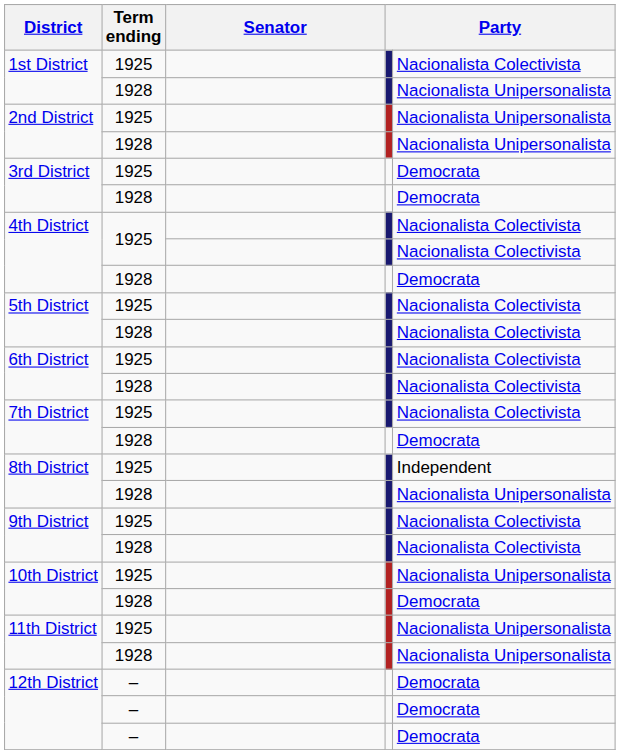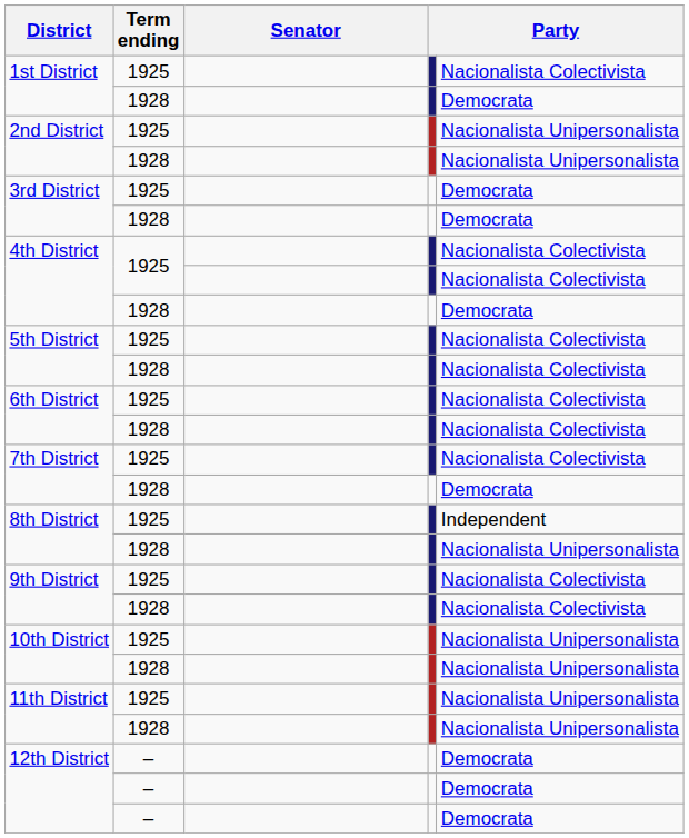 <table class="wikitable sortable">
 <tr>
 <th><a href='#'>District</a></th>
 <th width="50px">Term ending</th>
 <th width="200px"><a href='#'>Senator</a></th>
 <th colspan="2"><a href='#'>Party</a></th>
 </tr>
 <tr>
 <td rowspan="2" valign="top"><a href='#'>1st District</a></td>
 <td align="center">1925</td>
 <td></td>
 <td bgcolor="#191970"></td>
 <td><a href='#'>Nacionalista Colectivista</a></td>
 </tr>
 <tr>
 <td align="center">1928</td>
 <td></td>
 <td bgcolor="#191970"></td>
-<td><a href='#'>Nacionalista Unipersonalista</a></td>
+<td><a href='#'>Democrata</a></td>
 </tr>
 <tr>
 <td rowspan="2" valign="top"><a href='#'>2nd District</a></td>
 <td align="center">1925</td>
 <td></td>
 <td bgcolor="#B22222"></td>
 <td><a href='#'>Nacionalista Unipersonalista</a></td>
 </tr>
 <tr>
 <td align="center">1928</td>
 <td></td>
 <td bgcolor="#B22222"></td>
 <td><a href='#'>Nacionalista Unipersonalista</a></td>
 </tr>
 <tr>
 <td rowspan="2" valign="top"><a href='#'>3rd District</a></td>
 <td align="center">1925</td>
 <td></td>
 <td></td>
 <td><a href='#'>Democrata</a></td>
 </tr>
 <tr>
 <td align="center">1928</td>
 <td></td>
 <td></td>
 <td><a href='#'>Democrata</a></td>
 </tr>
 <tr>
 <td rowspan="3" valign="top"><a href='#'>4th District</a></td>
 <td rowspan="2" align="center">1925</td>
 <td></td>
 <td bgcolor="#191970"></td>
 <td><a href='#'>Nacionalista Colectivista</a></td>
 </tr>
 <tr>
 <td></td>
 <td bgcolor="#191970"></td>
 <td><a href='#'>Nacionalista Colectivista</a></td>
 </tr>
 <tr>
 <td align="center">1928</td>
 <td></td>
 <td></td>
 <td><a href='#'>Democrata</a></td>
 </tr>
 <tr>
 <td rowspan="2" valign="top"><a href='#'>5th District</a></td>
 <td align="center">1925</td>
 <td></td>
 <td bgcolor="#191970"></td>
 <td><a href='#'>Nacionalista Colectivista</a></td>
 </tr>
 <tr>
 <td align="center">1928</td>
 <td></td>
 <td bgcolor="#191970"></td>
 <td><a href='#'>Nacionalista Colectivista</a></td>
 </tr>
 <tr>
 <td rowspan="2" valign="top"><a href='#'>6th District</a></td>
 <td align="center">1925</td>
 <td></td>
 <td bgcolor="#191970"></td>
 <td><a href='#'>Nacionalista Colectivista</a></td>
 </tr>
 <tr>
 <td align="center">1928</td>
 <td></td>
 <td bgcolor="#191970"></td>
 <td><a href='#'>Nacionalista Colectivista</a></td>
 </tr>
 <tr>
 <td rowspan="2" valign="top"><a href='#'>7th District</a></td>
 <td align="center">1925</td>
 <td></td>
 <td bgcolor="#191970"></td>
 <td><a href='#'>Nacionalista Colectivista</a></td>
 </tr>
 <tr>
 <td align="center">1928</td>
 <td></td>
 <td></td>
 <td><a href='#'>Democrata</a></td>
 </tr>
 <tr>
 <td rowspan="2" valign="top"><a href='#'>8th District</a></td>
 <td align="center">1925</td>
 <td></td>
 <td bgcolor="#191970"></td>
 <td>Independent</td>
 </tr>
 <tr>
 <td align="center">1928</td>
 <td></td>
 <td bgcolor="#191970"></td>
 <td><a href='#'>Nacionalista Unipersonalista</a></td>
 </tr>
 <tr>
 <td rowspan="2" valign="top"><a href='#'>9th District</a></td>
 <td align="center">1925</td>
 <td></td>
 <td bgcolor="#191970"></td>
 <td><a href='#'>Nacionalista Colectivista</a></td>
 </tr>
 <tr>
 <td align="center">1928</td>
 <td></td>
 <td bgcolor="#191970"></td>
 <td><a href='#'>Nacionalista Colectivista</a></td>
 </tr>
 <tr>
 <td rowspan="2" valign="top"><a href='#'>10th District</a></td>
 <td align="center">1925</td>
 <td></td>
 <td bgcolor="#B22222"></td>
 <td><a href='#'>Nacionalista Unipersonalista</a></td>
 </tr>
 <tr>
 <td align="center">1928</td>
 <td></td>
 <td bgcolor="#B22222"></td>
-<td><a href='#'>Democrata</a></td>
+<td><a href='#'>Nacionalista Unipersonalista</a></td>
 </tr>
 <tr>
 <td rowspan="2" valign="top"><a href='#'>11th District</a></td>
 <td align="center">1925</td>
 <td></td>
 <td bgcolor="#B22222"></td>
 <td><a href='#'>Nacionalista Unipersonalista</a></td>
 </tr>
 <tr>
 <td align="center">1928</td>
 <td></td>
 <td bgcolor="#B22222"></td>
 <td><a href='#'>Nacionalista Unipersonalista</a></td>
 </tr>
 <tr>
 <td rowspan="3" valign="top"><a href='#'>12th District</a></td>
 <td align="center">–</td>
 <td></td>
 <td></td>
 <td><a href='#'>Democrata</a></td>
 </tr>
 <tr>
 <td align="center">–</td>
 <td></td>
 <td></td>
 <td><a href='#'>Democrata</a></td>
 </tr>
 <tr>
 <td align="center">–</td>
 <td></td>
 <td></td>
 <td><a href='#'>Democrata</a></td>
 </tr>
 </table>
